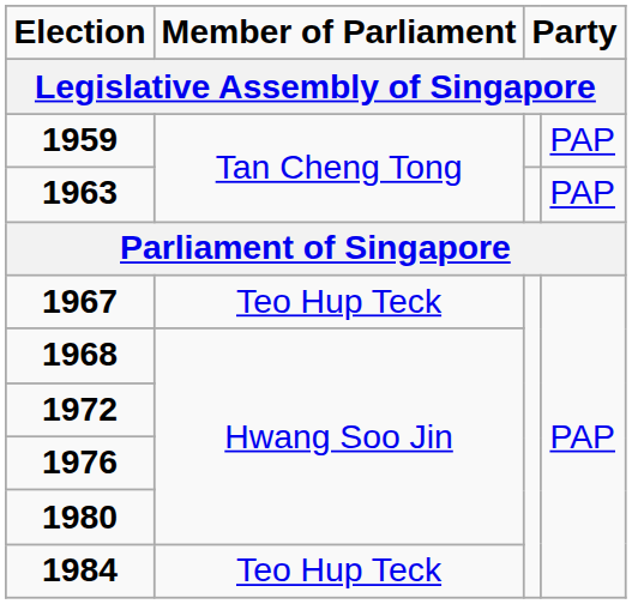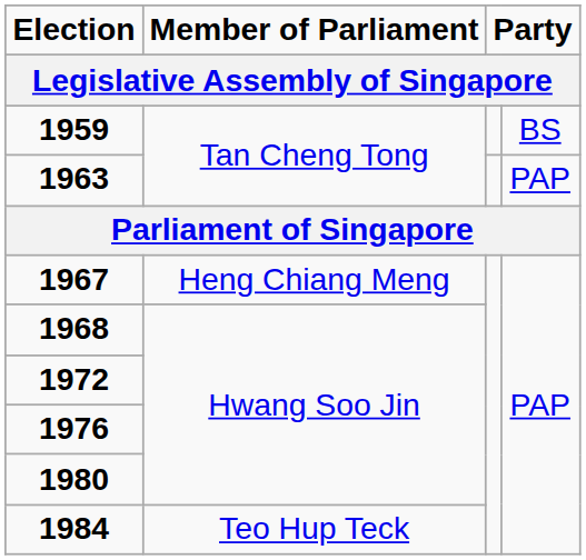 <table class="wikitable" align="center" style="text-align:center">
 <tr>
 <td><strong>Election </strong></td>
 <td><strong>Member of Parliament</strong></td>
 <td colspan="2"><strong>Party</strong></td>
 </tr>
 <tr>
 <th colspan="4"><a href='#'>Legislative Assembly of Singapore</a></th>
 </tr>
 <tr>
 <td><strong>1959</strong></td>
 <td rowspan="2"><a href='#'>Tan Cheng Tong</a></td>
 <td></td>
-<td><a href='#'>PAP</a></td>
+<td><a href='#'>BS</a></td>
 </tr>
 <tr>
 <td><strong>1963</strong></td>
 <td></td>
 <td><a href='#'>PAP</a></td>
 </tr>
 <tr>
 <th colspan="4"><a href='#'>Parliament of Singapore</a></th>
 </tr>
 <tr>
 <td><strong>1967</strong></td>
-<td><a href='#'>Teo Hup Teck</a></td>
+<td><a href='#'>Heng Chiang Meng</a></td>
 <td rowspan="6"></td>
 <td rowspan="6"><a href='#'>PAP</a></td>
 </tr>
 <tr>
 <td><strong>1968</strong></td>
 <td rowspan="4"><a href='#'>Hwang Soo Jin</a></td>
 </tr>
 <tr>
 <td><strong>1972</strong></td>
 </tr>
 <tr>
 <td><strong>1976</strong></td>
 </tr>
 <tr>
 <td><strong>1980</strong></td>
 </tr>
 <tr>
 <td><strong>1984</strong></td>
 <td><a href='#'>Teo Hup Teck</a></td>
 </tr>
 </table>
